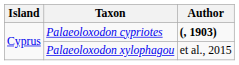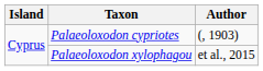 <table class="wikitable">
 <tr>
 <th>Island</th>
 <th>Taxon</th>
 <th>Author</th>
 </tr>
 <tr>
 <td rowspan="2"><a href='#'>Cyprus</a></td>
 <td><em><a href='#'>Palaeoloxodon cypriotes</a></em></td>
-<td><strong>(, 1903)</strong></td>
+<td>(, 1903)</td>
 </tr>
 <tr>
 <td><em><a href='#'>Palaeoloxodon xylophagou</a></em></td>
 <td> et al., 2015</td>
 </tr>
 </table>
